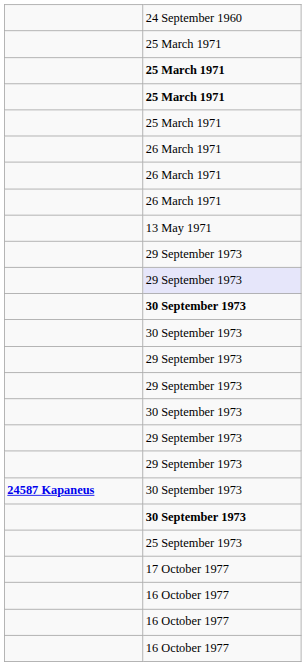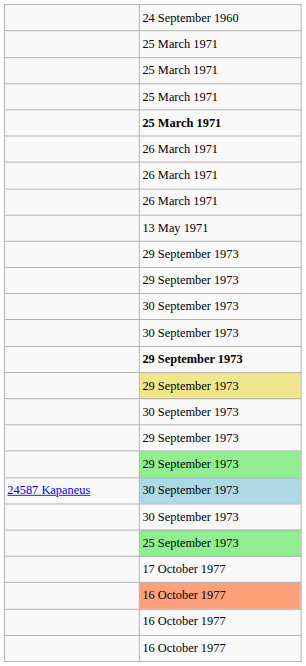 <table class="wikitable" style="font-size: 89%; float: left; width: 24em; margin-right: 1em; line-height: 1.65em">
 <tr>
 <td></td>
 <td>24 September 1960</td>
 </tr>
 <tr>
 <td></td>
 <td>25 March 1971</td>
 </tr>
 <tr>
 <td></td>
-<td><strong>25 March 1971</strong></td>
+<td>25 March 1971</td>
+</tr>
+<tr>
+<td></td>
+<td>25 March 1971</td>
 </tr>
 <tr>
 <td></td>
 <td><strong>25 March 1971</strong></td>
-</tr>
-<tr>
-<td></td>
-<td>25 March 1971</td>
 </tr>
 <tr>
 <td></td>
 <td>26 March 1971</td>
 </tr>
 <tr>
 <td></td>
 <td>26 March 1971</td>
 </tr>
 <tr>
 <td></td>
 <td>26 March 1971</td>
 </tr>
 <tr>
 <td></td>
 <td>13 May 1971</td>
 </tr>
 <tr>
 <td></td>
 <td>29 September 1973</td>
 </tr>
 <tr>
 <td></td>
-<td style="background: lavender;">29 September 1973</td>
+<td>29 September 1973</td>
 </tr>
 <tr>
 <td></td>
-<td><strong>30 September 1973</strong></td>
+<td>30 September 1973</td>
+</tr>
+<tr>
+<td></td>
+<td>30 September 1973</td>
+</tr>
+<tr>
+<td></td>
+<td><strong>29 September 1973</strong></td>
+</tr>
+<tr>
+<td></td>
+<td style="background: khaki;">29 September 1973</td>
 </tr>
 <tr>
 <td></td>
 <td>30 September 1973</td>
 </tr>
 <tr>
 <td></td>
 <td>29 September 1973</td>
 </tr>
 <tr>
 <td></td>
-<td>29 September 1973</td>
+<td style="background: lightgreen;">29 September 1973</td>
+</tr>
+<tr>
+<td><a href='#'>24587 Kapaneus</a></td>
+<td style="background: lightblue;">30 September 1973</td>
 </tr>
 <tr>
 <td></td>
 <td>30 September 1973</td>
 </tr>
 <tr>
 <td></td>
-<td>29 September 1973</td>
-</tr>
-<tr>
-<td></td>
-<td>29 September 1973</td>
-</tr>
-<tr>
-<td><strong><a href='#'>24587 Kapaneus</a></strong></td>
-<td>30 September 1973</td>
-</tr>
-<tr>
-<td></td>
-<td><strong>30 September 1973</strong></td>
-</tr>
-<tr>
-<td></td>
-<td>25 September 1973</td>
+<td style="background: lightgreen;">25 September 1973</td>
 </tr>
 <tr>
 <td></td>
 <td>17 October 1977</td>
 </tr>
 <tr>
 <td></td>
-<td>16 October 1977</td>
+<td style="background: lightsalmon;">16 October 1977</td>
 </tr>
 <tr>
 <td></td>
 <td>16 October 1977</td>
 </tr>
 <tr>
 <td></td>
 <td>16 October 1977</td>
 </tr>
 </table>
